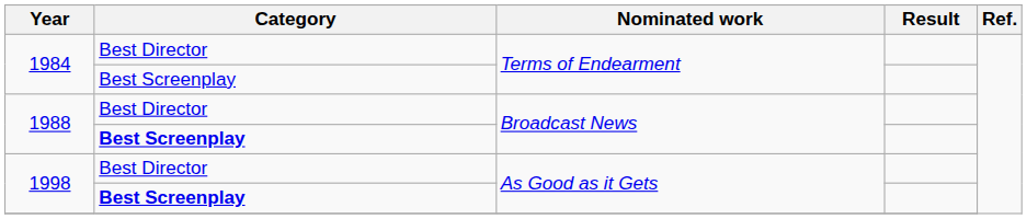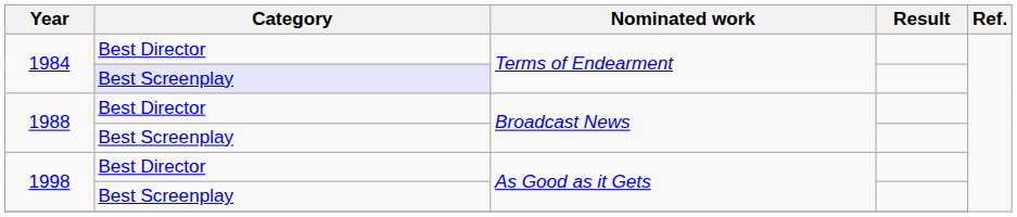 <table class=wikitable>
 <tr>
 <th scope="col" style="width:5em;">Year</th>
 <th scope="col" style="width:26em;">Category</th>
 <th scope="col" style="width:25em;">Nominated work</th>
 <th scope="col" style="width:5em;">Result</th>
 <th>Ref.</th>
 </tr>
 <tr>
 <td style="text-align:center;", rowspan=2><a href='#'>1984</a></td>
 <td><a href='#'>Best Director</a></td>
 <td rowspan=2><em><a href='#'>Terms of Endearment</a></em></td>
 <td></td>
 <td rowspan=10></td>
 </tr>
 <tr>
-<td><a href='#'>Best Screenplay</a></td>
+<td style="background: lavender;"><a href='#'>Best Screenplay</a></td>
 <td></td>
 </tr>
 <tr>
 <td style="text-align:center;", rowspan=2><a href='#'>1988</a></td>
 <td><a href='#'>Best Director</a></td>
 <td rowspan=2><em><a href='#'>Broadcast News</a></em></td>
 <td></td>
 </tr>
 <tr>
-<td><strong><a href='#'>Best Screenplay</a></strong></td>
+<td><a href='#'>Best Screenplay</a></td>
 <td></td>
 </tr>
 <tr>
 <td style="text-align:center;", rowspan=2><a href='#'>1998</a></td>
 <td><a href='#'>Best Director</a></td>
 <td rowspan=2><em><a href='#'>As Good as it Gets</a></em></td>
 <td></td>
 </tr>
 <tr>
-<td><strong><a href='#'>Best Screenplay</a></strong></td>
+<td><a href='#'>Best Screenplay</a></td>
 <td></td>
 </tr>
 <tr>
 </tr>
 </table>
